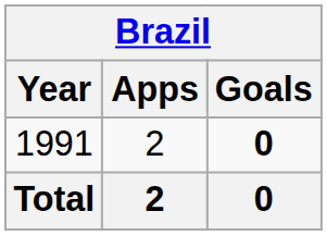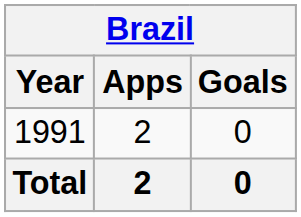 <table class="wikitable" style="text-align:center">
 <tr>
 <th colspan=3><a href='#'>Brazil</a></th>
 </tr>
 <tr>
 <th>Year</th>
 <th>Apps</th>
 <th>Goals</th>
 </tr>
 <tr>
 <td>1991</td>
 <td>2</td>
-<td><strong>0</strong></td>
+<td>0</td>
 </tr>
 <tr>
 <th>Total</th>
 <th>2</th>
 <th>0</th>
 </tr>
 </table>
